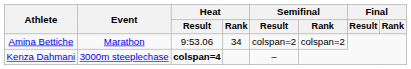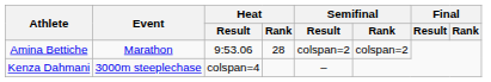 <table class="wikitable" style="font-size:90%">
 <tr>
 <th rowspan="2">Athlete</th>
 <th rowspan="2">Event</th>
 <th colspan="2">Heat</th>
 <th colspan="2">Semifinal</th>
 <th colspan="2">Final</th>
 </tr>
 <tr style="font-size:95%">
 <th>Result</th>
 <th>Rank</th>
 <th>Result</th>
 <th>Rank</th>
 <th>Result</th>
 <th>Rank</th>
 </tr>
 <tr style=text-align:center>
 <td><a href='#'>Amina Bettiche</a></td>
 <td><a href='#'>Marathon</a></td>
 <td>9:53.06</td>
-<td>34</td>
+<td>28</td>
 <td>colspan=2 </td>
 <td>colspan=2 </td>
 </tr>
 <tr style=text-align:center>
 <td><a href='#'>Kenza Dahmani</a></td>
 <td><a href='#'>3000m steeplechase</a></td>
-<td><strong>colspan=4 </strong></td>
+<td>colspan=4 </td>
 <td></td>
 <td>–</td>
 </tr>
 </table>
